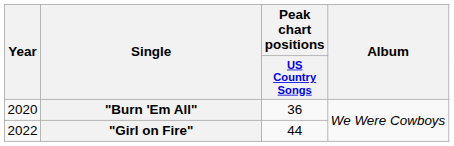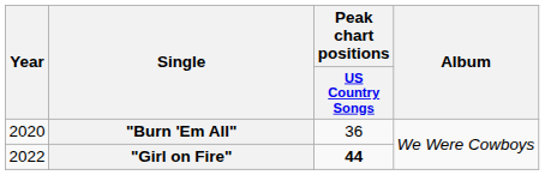 <table class="wikitable plainrowheaders" style="text-align:center;">
 <tr>
 <th rowspan="2">Year</th>
 <th rowspan="2" style="width:16em;">Single</th>
 <th colspan="1">Peak chart positions</th>
 <th rowspan="2">Album</th>
 </tr>
 <tr style="font-size:smaller;">
 <th width="45"><a href='#'>US Country Songs</a><br></th>
 </tr>
 <tr>
 <td>2020</td>
 <th scope="row">"Burn 'Em All"</th>
 <td>36</td>
 <td align="left" rowspan="2"><em>We Were Cowboys</em></td>
 </tr>
 <tr>
 <td>2022</td>
 <th scope="row">"Girl on Fire"</th>
-<td>44</td>
+<td><strong>44</strong></td>
 </tr>
 </table>
